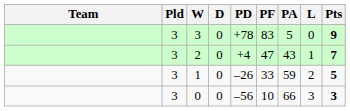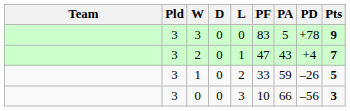 <table class="wikitable" style="text-align:center;">
 <tr>
 <th width=190>Team</th>
 <th width=20 abbr="Played">Pld</th>
 <th width=20 abbr="Won">W</th>
 <th width=20 abbr="Drawn">D</th>
-<th width=25 abbr="Points difference">PD</th>
+<th width=20 abbr="Lost">L</th>
 <th width=20 abbr="Points for">PF</th>
 <th width=20 abbr="Points against">PA</th>
-<th width=20 abbr="Lost">L</th>
+<th width=25 abbr="Points difference">PD</th>
 <th width=20 abbr="Points">Pts</th>
 </tr>
 <tr style="background:#ccffcc">
 <td align=left></td>
 <td>3</td>
 <td>3</td>
 <td>0</td>
-<td>+78</td>
+<td>0</td>
 <td>83</td>
 <td>5</td>
-<td>0</td>
+<td>+78</td>
 <td><strong>9</strong></td>
 </tr>
 <tr style="background:#ccffcc">
 <td align=left></td>
 <td>3</td>
 <td>2</td>
 <td>0</td>
-<td>+4</td>
+<td>1</td>
 <td>47</td>
 <td>43</td>
-<td>1</td>
+<td>+4</td>
 <td><strong>7</strong></td>
 </tr>
 <tr>
 <td align=left></td>
 <td>3</td>
 <td>1</td>
 <td>0</td>
-<td>–26</td>
+<td>2</td>
 <td>33</td>
 <td>59</td>
-<td>2</td>
+<td>–26</td>
 <td><strong>5</strong></td>
 </tr>
 <tr>
 <td align=left></td>
 <td>3</td>
 <td>0</td>
 <td>0</td>
-<td>–56</td>
+<td>3</td>
 <td>10</td>
 <td>66</td>
-<td>3</td>
+<td>–56</td>
 <td><strong>3</strong></td>
 </tr>
 </table>
